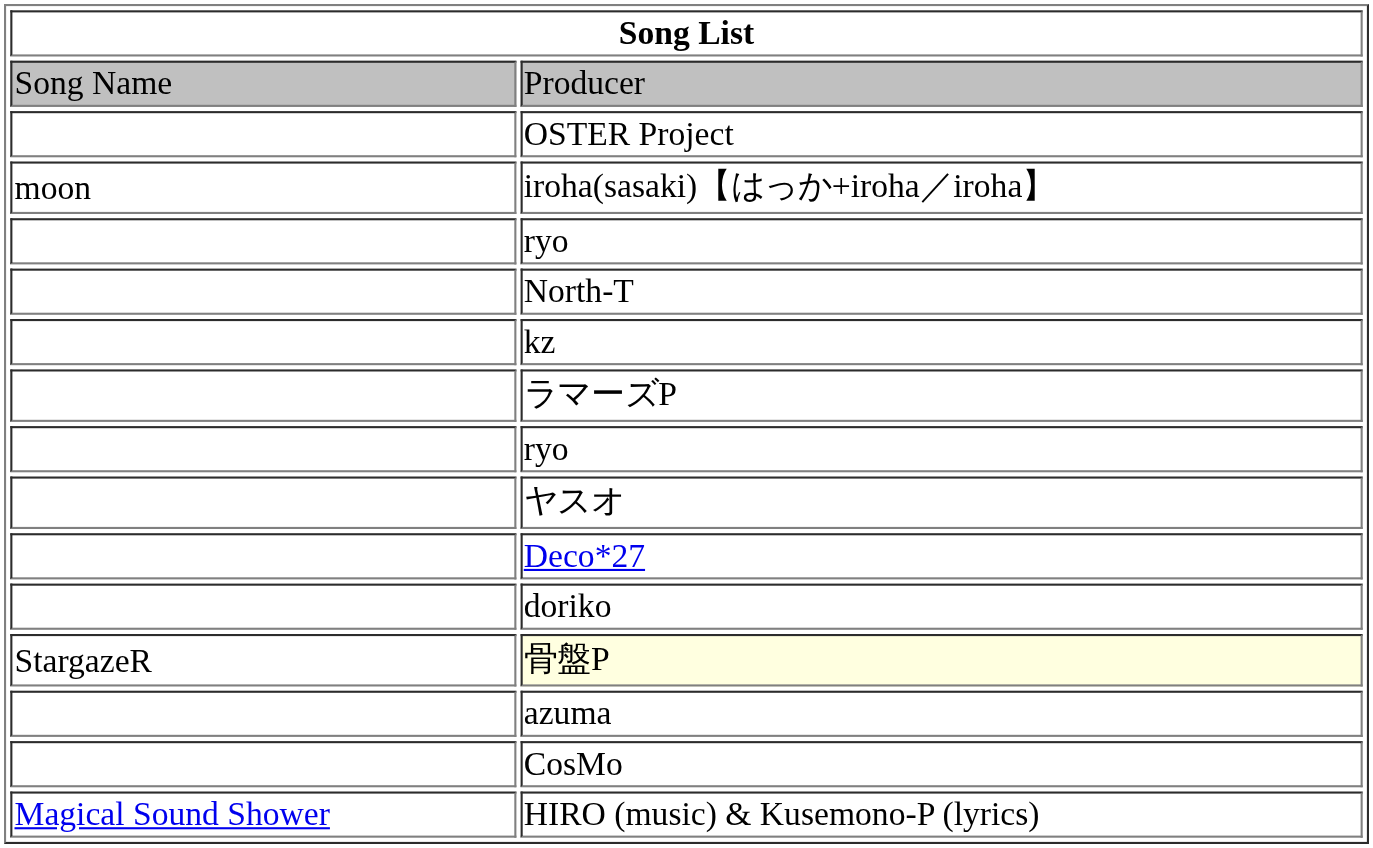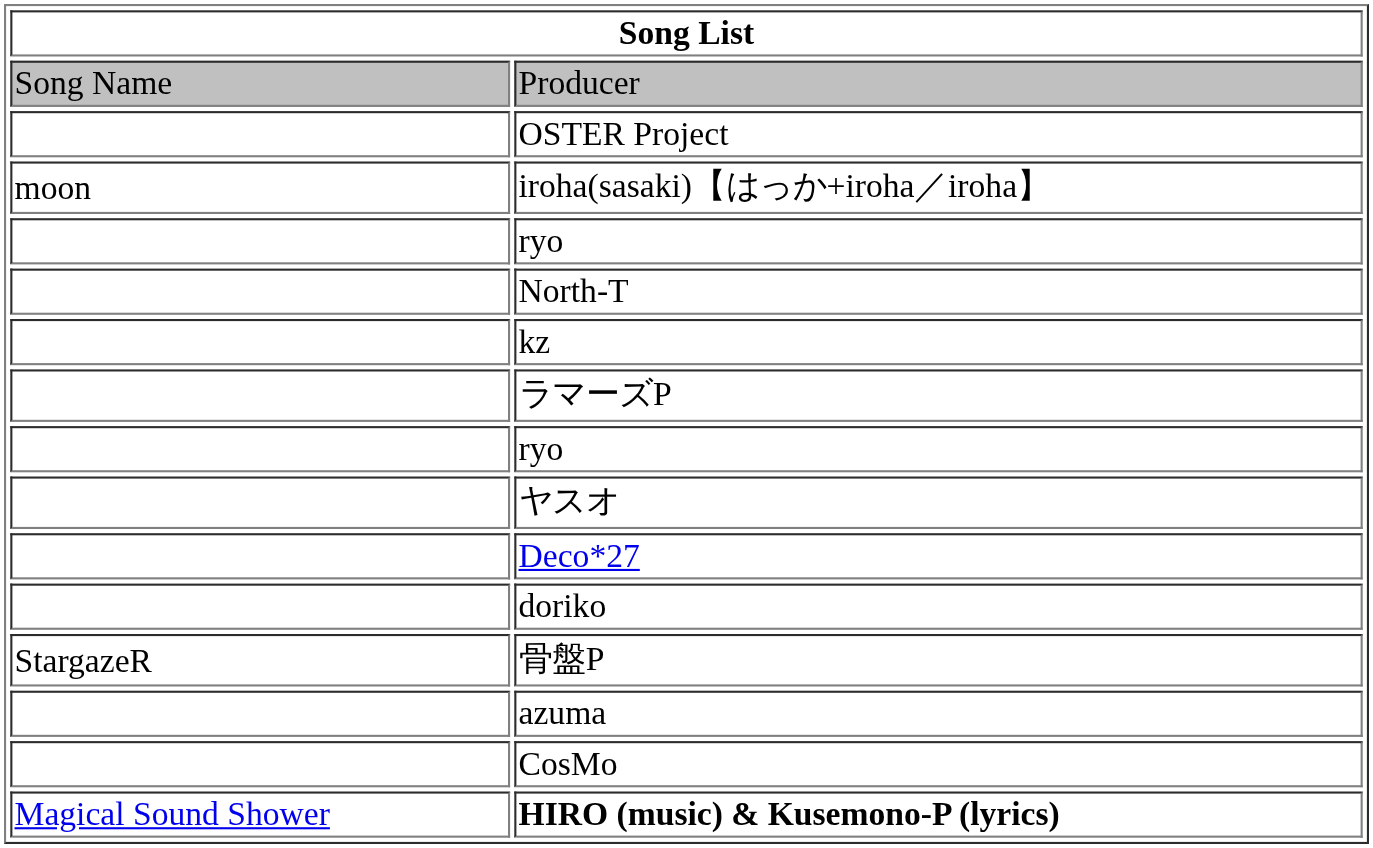 <table border = "1">
 <tr>
 <th colspan="3" style="width: 40em">Song List</th>
 </tr>
 <tr>
 <td style="background:silver; color:black">Song Name</td>
 <td style="background:silver; color:black">Producer</td>
 </tr>
 <tr>
 <td></td>
 <td>OSTER Project</td>
 </tr>
 <tr>
 <td>moon</td>
 <td>iroha(sasaki)【はっか+iroha／iroha】</td>
 </tr>
 <tr>
 <td></td>
 <td>ryo</td>
 </tr>
 <tr>
 <td></td>
 <td>North-T</td>
 </tr>
 <tr>
 <td></td>
 <td>kz</td>
 </tr>
 <tr>
 <td></td>
 <td>ラマーズP</td>
 </tr>
 <tr>
 <td></td>
 <td>ryo</td>
 </tr>
 <tr>
 <td></td>
 <td>ヤスオ</td>
 </tr>
 <tr>
 <td></td>
 <td><a href='#'>Deco*27</a></td>
 </tr>
 <tr>
 <td></td>
 <td>doriko</td>
 </tr>
 <tr>
 <td>StargazeR</td>
-<td style="background: lightyellow;">骨盤P</td>
+<td>骨盤P</td>
 </tr>
 <tr>
 <td></td>
 <td>azuma</td>
 </tr>
 <tr>
 <td></td>
 <td>CosMo</td>
 </tr>
 <tr>
 <td><a href='#'>Magical Sound Shower</a></td>
-<td>HIRO (music) & Kusemono-P (lyrics)</td>
+<td><strong>HIRO (music) & Kusemono-P (lyrics)</strong></td>
 </tr>
 </table>
